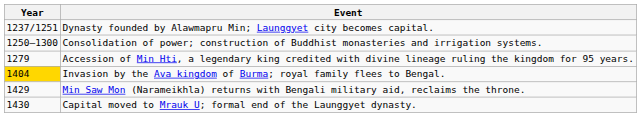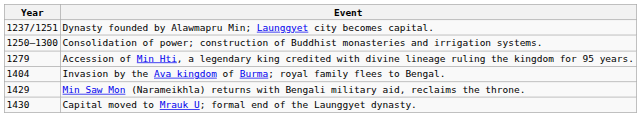 <table class="wikitable">
 <tr>
 <th>Year</th>
 <th>Event</th>
 </tr>
 <tr>
 <td>1237/1251</td>
 <td>Dynasty founded by Alawmapru Min; <a href='#'>Launggyet</a> city becomes capital.</td>
 </tr>
 <tr>
 <td>1250–1300</td>
 <td>Consolidation of power; construction of Buddhist monasteries and irrigation systems.</td>
 </tr>
 <tr>
 <td>1279</td>
 <td>Accession of <a href='#'>Min Hti</a>, a legendary king credited with divine lineage ruling the kingdom for 95 years.</td>
 </tr>
 <tr>
-<td style="background: gold;">1404</td>
+<td>1404</td>
 <td>Invasion by the <a href='#'>Ava kingdom</a> of <a href='#'>Burma</a>; royal family flees to Bengal.</td>
 </tr>
 <tr>
 <td>1429</td>
 <td><a href='#'>Min Saw Mon</a> (Narameikhla) returns with Bengali military aid, reclaims the throne.</td>
 </tr>
 <tr>
 <td>1430</td>
 <td>Capital moved to <a href='#'>Mrauk U</a>; formal end of the Launggyet dynasty.</td>
 </tr>
 </table>
